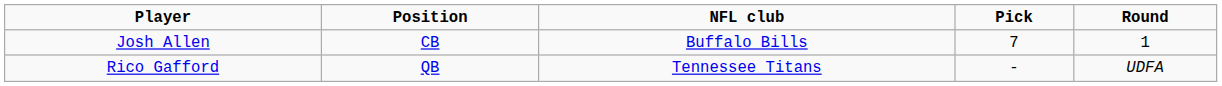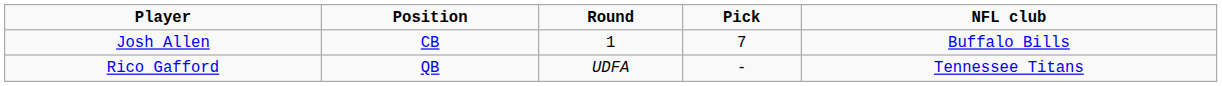 <table class="wikitable" width="80%">
 <tr align="center">
 <td><strong>Player</strong></td>
 <td><strong>Position</strong></td>
+<td><strong>Round</strong></td>
+<td><strong>Pick</strong></td>
 <td><strong>NFL club</strong></td>
-<td><strong>Pick</strong></td>
-<td><strong>Round</strong></td>
 </tr>
 <tr align="center" bgcolor="">
 <td><a href='#'>Josh Allen</a></td>
 <td><a href='#'>CB</a></td>
+<td>1</td>
+<td>7</td>
 <td><a href='#'>Buffalo Bills</a></td>
-<td>7</td>
-<td>1</td>
 </tr>
 <tr align="center" bgcolor="">
 <td><a href='#'>Rico Gafford</a></td>
 <td><a href='#'>QB</a></td>
+<td><em>UDFA</em></td>
+<td>-</td>
 <td><a href='#'>Tennessee Titans</a></td>
-<td>-</td>
-<td><em>UDFA</em></td>
 </tr>
 </table>
